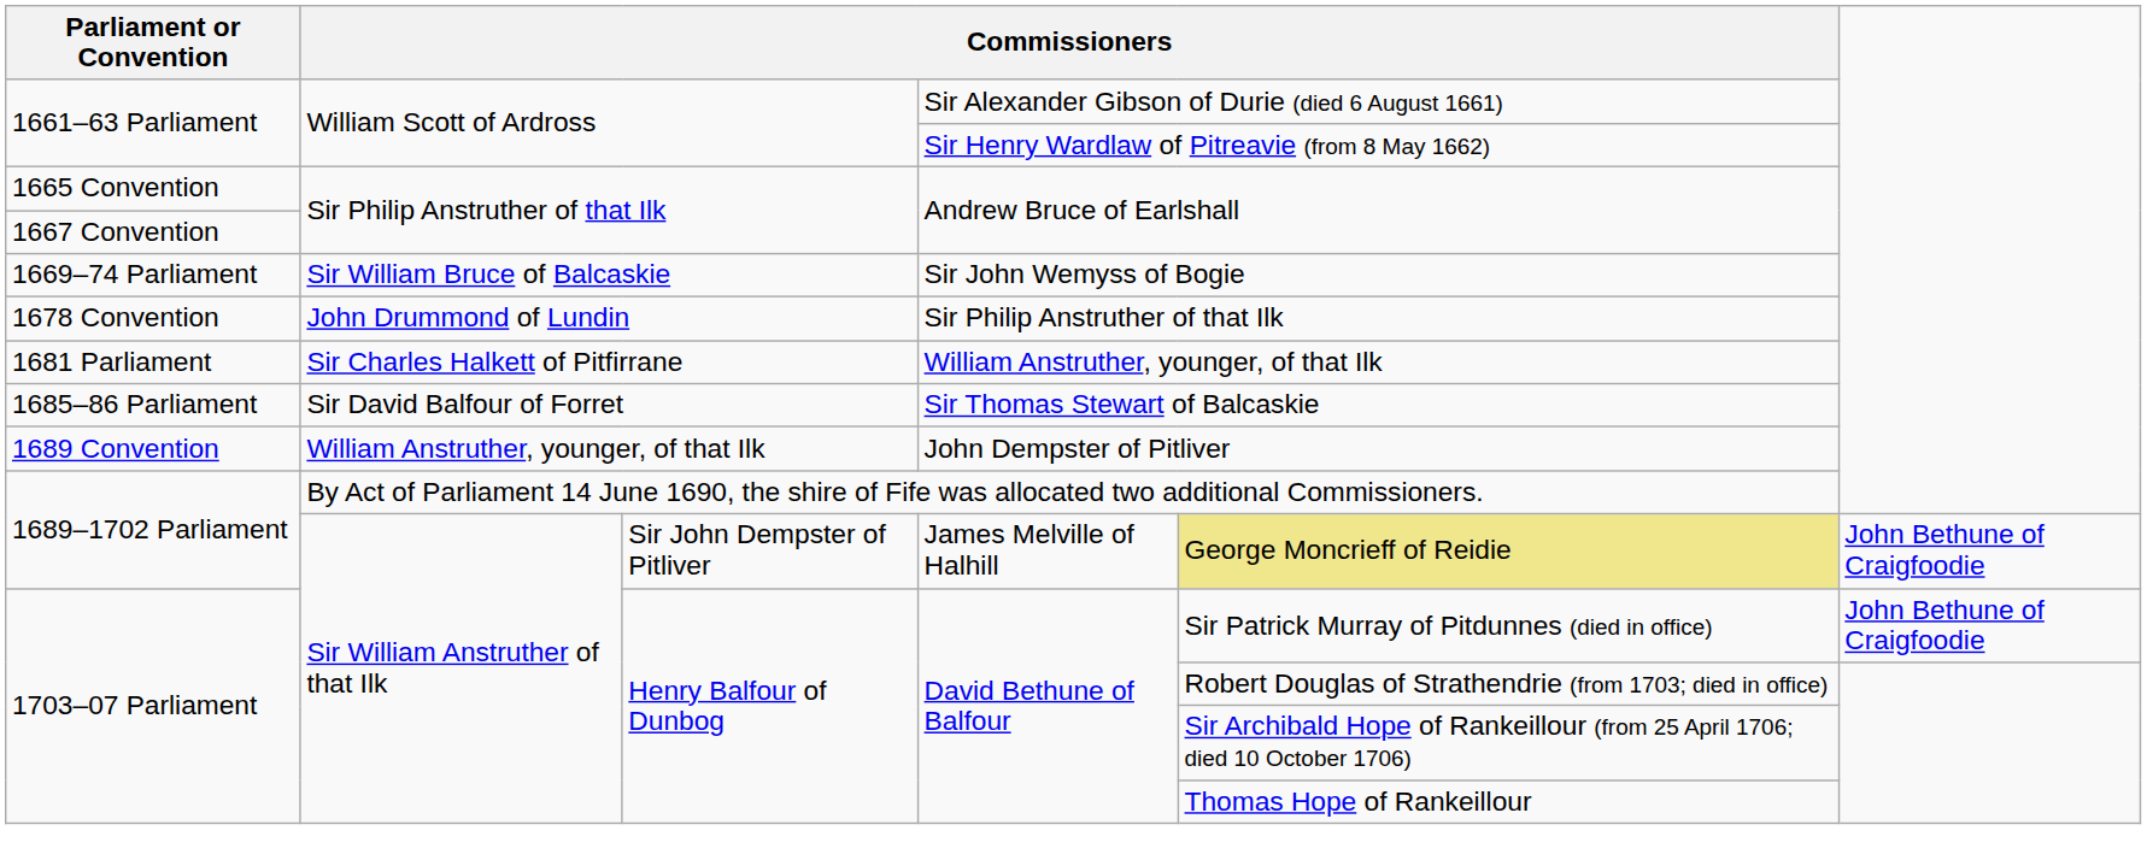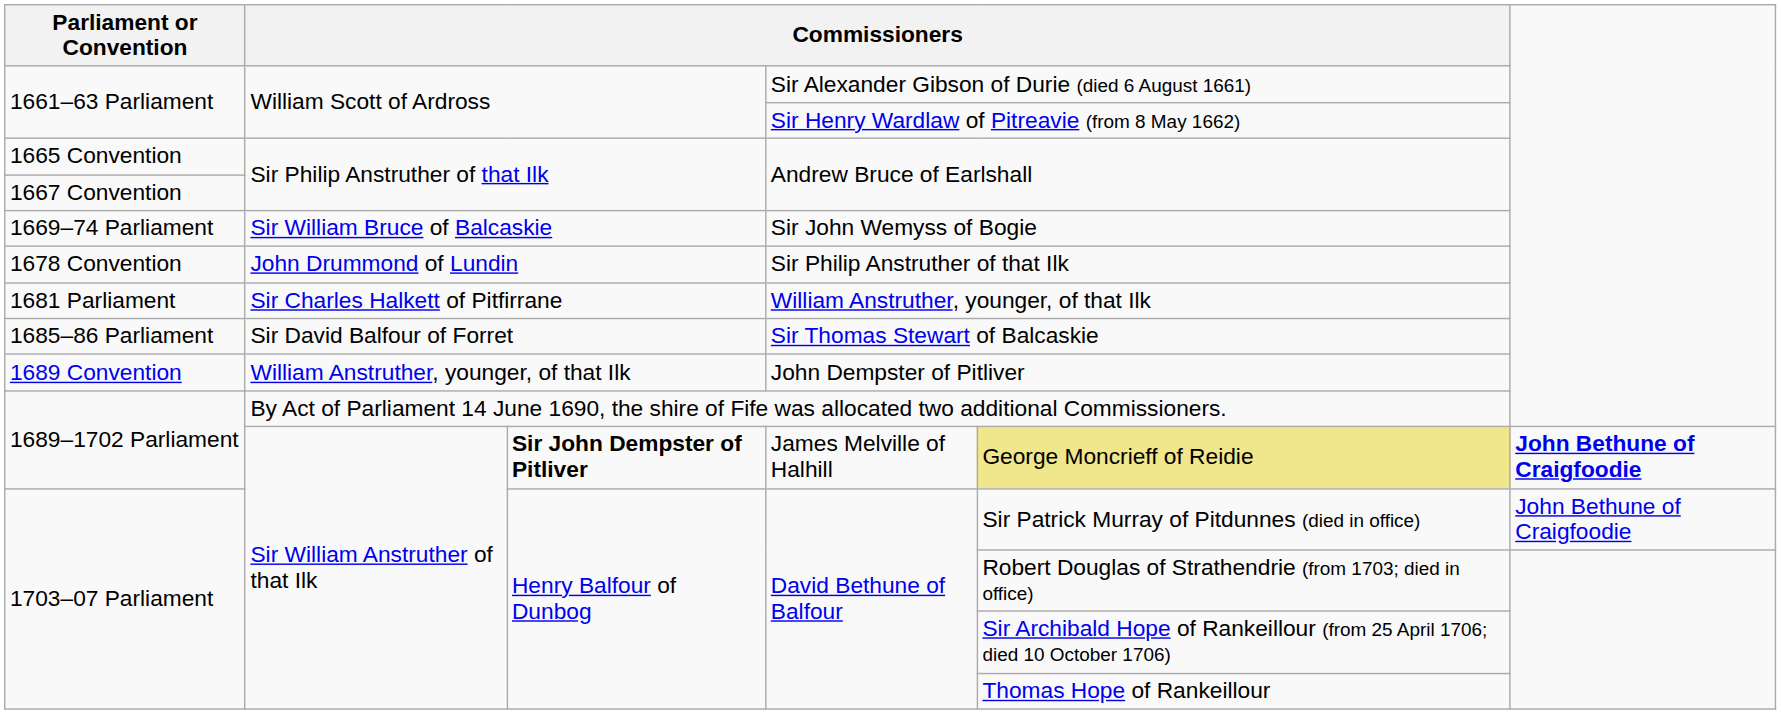 <table class="wikitable">
 <tr>
 <th>Parliament or Convention</th>
 <th colspan=4>Commissioners</th>
 </tr>
 <tr>
 <td rowspan=2>1661–63 Parliament</td>
 <td rowspan=2 colspan=2>William Scott of Ardross</td>
 <td colspan=2>Sir Alexander Gibson of Durie <small>(died 6 August 1661)</small></td>
 </tr>
 <tr>
 <td colspan=2><a href='#'>Sir Henry Wardlaw</a> of <a href='#'>Pitreavie</a> <small>(from 8 May 1662)</small></td>
 </tr>
 <tr>
 <td>1665 Convention</td>
 <td rowspan=2 colspan=2>Sir Philip Anstruther of <a href='#'>that Ilk</a></td>
 <td rowspan=2 colspan=2>Andrew Bruce of Earlshall</td>
 </tr>
 <tr>
 <td>1667 Convention</td>
 </tr>
 <tr>
 <td>1669–74 Parliament</td>
 <td colspan=2><a href='#'>Sir William Bruce</a> of <a href='#'>Balcaskie</a></td>
 <td colspan=2>Sir John Wemyss of Bogie</td>
 </tr>
 <tr>
 <td>1678 Convention</td>
 <td colspan=2><a href='#'>John Drummond</a> of <a href='#'>Lundin</a></td>
 <td colspan=2>Sir Philip Anstruther of that Ilk</td>
 </tr>
 <tr>
 <td>1681 Parliament</td>
 <td colspan=2><a href='#'>Sir Charles Halkett</a> of Pitfirrane</td>
 <td colspan=2><a href='#'>William Anstruther</a>, younger, of that Ilk</td>
 </tr>
 <tr>
 <td>1685–86 Parliament</td>
 <td colspan=2>Sir David Balfour of Forret</td>
 <td colspan=2><a href='#'>Sir Thomas Stewart</a> of Balcaskie</td>
 </tr>
 <tr>
 <td><a href='#'>1689 Convention</a></td>
 <td rowspan=2 colspan=2><a href='#'>William Anstruther</a>, younger, of that Ilk</td>
 <td rowspan=2 colspan=2>John Dempster of Pitliver</td>
 </tr>
 <tr>
 <td rowspan=3>1689–1702 Parliament</td>
 </tr>
 <tr>
 <td colspan=4>By Act of Parliament 14 June 1690, the shire of Fife was allocated two additional Commissioners.</td>
 </tr>
 <tr>
 <td rowspan=5><a href='#'>Sir William Anstruther</a> of that Ilk</td>
-<td>Sir John Dempster of Pitliver</td>
+<td><strong>Sir John Dempster of Pitliver</strong></td>
 <td>James Melville of Halhill</td>
 <td style="background: khaki;">George Moncrieff of Reidie</td>
-<td><a href='#'>John Bethune of Craigfoodie</a></td>
+<td><strong><a href='#'>John Bethune of Craigfoodie</a></strong></td>
 </tr>
 <tr>
 <td rowspan=4>1703–07 Parliament</td>
 <td rowspan=4><a href='#'>Henry Balfour</a> of <a href='#'>Dunbog</a></td>
 <td rowspan=4><a href='#'>David Bethune of Balfour</a></td>
 <td>Sir Patrick Murray of Pitdunnes <small>(died in office)</small></td>
 <td><a href='#'>John Bethune of Craigfoodie</a></td>
 </tr>
 <tr>
 <td>Robert Douglas of Strathendrie <small>(from 1703; died in office)</small></td>
 </tr>
 <tr>
 <td><a href='#'>Sir Archibald Hope</a> of Rankeillour <small>(from 25 April 1706; died 10 October 1706)</small></td>
 </tr>
 <tr>
 <td><a href='#'>Thomas Hope</a> of Rankeillour</td>
 </tr>
 </table>
